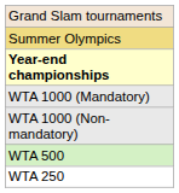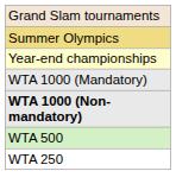 <table class=wikitable style="font-size:90%; width:14%">
 <tr style="background:#F3E6D7;">
 <td>Grand Slam tournaments</td>
 </tr>
 <tr style="background:#f0dc82;">
 <td>Summer Olympics</td>
 </tr>
 <tr style="background:#ffc;">
-<td><strong>Year-end championships</strong></td>
+<td>Year-end championships</td>
 </tr>
 <tr style="background:#e9e9e9;">
 <td>WTA 1000 (Mandatory)</td>
 </tr>
 <tr style="background:#E9E9E9;">
-<td>WTA 1000 (Non-mandatory)</td>
+<td><strong>WTA 1000 (Non-mandatory)</strong></td>
 </tr>
 <tr style="background:#D4F1C5;">
 <td>WTA 500</td>
 </tr>
 <tr style="background:#fff;">
 <td>WTA 250</td>
 </tr>
 </table>
